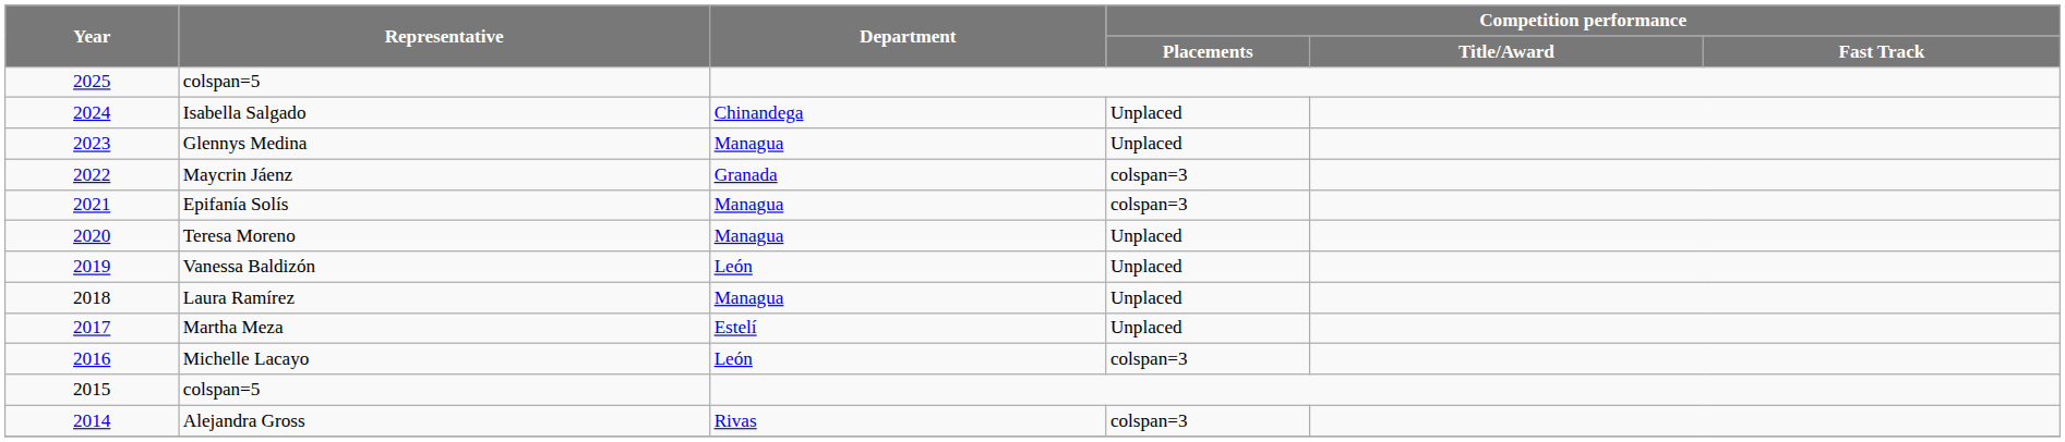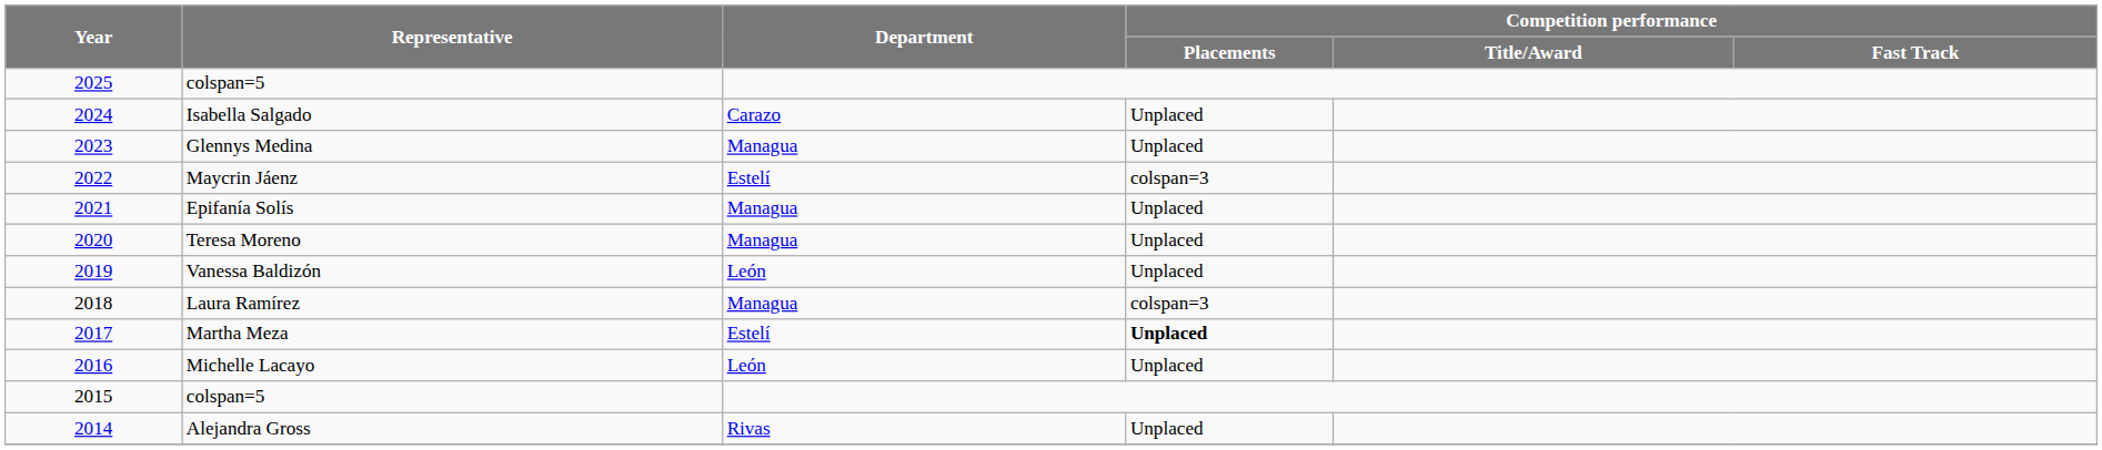 <table class="wikitable" style="font-size:90%; width:100%;">
 <tr>
 <th rowspan=2 style="background-color:#787878;color:#FFFFFF;">Year</th>
 <th rowspan=2 style="background-color:#787878;color:#FFFFFF;">Representative</th>
 <th rowspan=2 style="background-color:#787878;color:#FFFFFF;">Department</th>
 <th colspan=3 style="background-color:#787878;color:#FFFFFF;">Competition performance</th>
 </tr>
 <tr>
 <th width=150px style="background-color:#787878;color:#FFFFFF;">Placements</th>
 <th style="background-color:#787878;color:#FFFFFF;">Title/Award</th>
 <th style="background-color:#787878;color:#FFFFFF;">Fast Track</th>
 </tr>
 <tr>
 <td align="center"><a href='#'>2025</a></td>
 <td>colspan=5 </td>
 </tr>
 <tr>
 <td align="center"><a href='#'>2024</a></td>
 <td>Isabella Salgado</td>
-<td><a href='#'>Chinandega</a></td>
+<td><a href='#'>Carazo</a></td>
 <td>Unplaced</td>
 <td colspan=2></td>
 </tr>
 <tr>
 <td align="center"><a href='#'>2023</a></td>
 <td>Glennys Medina</td>
 <td><a href='#'>Managua</a></td>
 <td>Unplaced</td>
 <td colspan=2></td>
 </tr>
 <tr>
 <td align="center"><a href='#'>2022</a></td>
 <td>Maycrin Jáenz</td>
-<td><a href='#'>Granada</a></td>
+<td><a href='#'>Estelí</a></td>
 <td>colspan=3 </td>
 <td colspan=2></td>
 </tr>
 <tr>
 <td align="center"><a href='#'>2021</a></td>
 <td>Epifanía Solís</td>
 <td><a href='#'>Managua</a></td>
-<td>colspan=3 </td>
+<td>Unplaced</td>
 <td colspan=2></td>
 </tr>
 <tr>
 <td align="center"><a href='#'>2020</a></td>
 <td>Teresa Moreno</td>
 <td><a href='#'>Managua</a></td>
 <td>Unplaced</td>
 <td colspan=2></td>
 </tr>
 <tr>
 <td align="center"><a href='#'>2019</a></td>
 <td>Vanessa Baldizón</td>
 <td><a href='#'>León</a></td>
 <td>Unplaced</td>
 <td colspan=2></td>
 </tr>
 <tr>
 <td align="center">2018</td>
 <td>Laura Ramírez</td>
 <td><a href='#'>Managua</a></td>
-<td>Unplaced</td>
+<td>colspan=3 </td>
 </tr>
 <tr>
 <td align="center"><a href='#'>2017</a></td>
 <td>Martha Meza</td>
 <td><a href='#'>Estelí</a></td>
-<td>Unplaced</td>
+<td><strong>Unplaced</strong></td>
 <td colspan=2></td>
 </tr>
 <tr>
 <td align="center"><a href='#'>2016</a></td>
 <td>Michelle Lacayo</td>
 <td><a href='#'>León</a></td>
-<td>colspan=3 </td>
+<td>Unplaced</td>
 <td colspan=2></td>
 </tr>
 <tr>
 <td align="center">2015</td>
 <td>colspan=5 </td>
 </tr>
 <tr>
 <td align="center"><a href='#'>2014</a></td>
 <td>Alejandra Gross</td>
 <td><a href='#'>Rivas</a></td>
-<td>colspan=3 </td>
+<td>Unplaced</td>
 <td colspan=2></td>
 </tr>
 <tr>
 </tr>
 </table>
